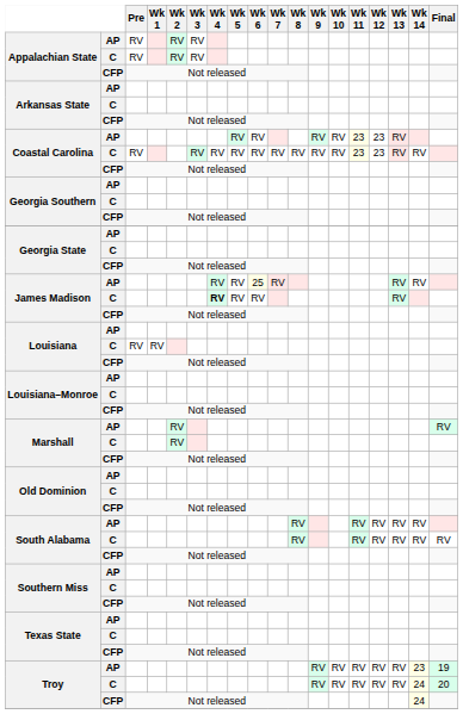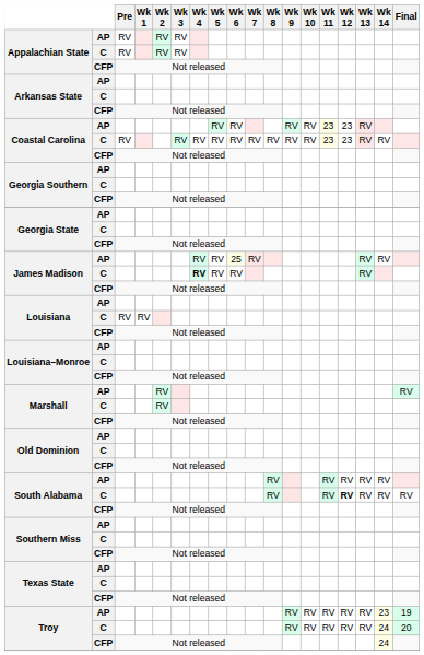 <table class="wikitable" style="white-space:nowrap;font-size:85%;">
 <tr>
 <th colspan=2 style="background:white; border-top-style:hidden; border-left-style:hidden;"> </th>
 <th>Pre</th>
 <th>Wk<br>1</th>
 <th>Wk<br>2</th>
 <th>Wk<br>3</th>
 <th>Wk<br>4</th>
 <th>Wk<br>5</th>
 <th>Wk<br>6</th>
 <th>Wk<br>7</th>
 <th>Wk<br>8</th>
 <th>Wk<br>9</th>
 <th>Wk<br>10</th>
 <th>Wk<br>11</th>
 <th>Wk<br>12</th>
 <th>Wk<br>13</th>
 <th>Wk<br>14</th>
 <th>Final</th>
 </tr>
 <tr style="text-align:center;">
 <th rowspan="3">Appalachian State</th>
 <th>AP</th>
 <td style="background:#FFF;">RV</td>
 <td style="background:#ffe6e6;"></td>
 <td style="background:#d8ffeb;">RV</td>
 <td style="background:#FFF;">RV</td>
 <td style="background:#ffe6e6;"></td>
 <td style="background:#FFF;"></td>
 <td style="background:#FFF;"></td>
 <td style="background:#FFF;"></td>
 <td style="background:#FFF;"></td>
 <td style="background:#FFF;"></td>
 <td style="background:#FFF;"></td>
 <td style="background:#FFF;"></td>
 <td style="background:#FFF;"></td>
 <td style="background:#FFF;"></td>
 <td style="background:#FFF;"></td>
 <td style="background:#FFF;"></td>
 </tr>
 <tr style="text-align:center;">
 <th>C</th>
 <td style="background:#FFF;">RV</td>
 <td style="background:#ffe6e6;"></td>
 <td style="background:#d8ffeb;">RV</td>
 <td style="background:#FFF;">RV</td>
 <td style="background:#ffe6e6;"></td>
 <td style="background:#FFF;"></td>
 <td style="background:#FFF;"></td>
 <td style="background:#FFF;"></td>
 <td style="background:#FFF;"></td>
 <td style="background:#FFF;"></td>
 <td style="background:#FFF;"></td>
 <td style="background:#FFF;"></td>
 <td style="background:#FFF;"></td>
 <td style="background:#FFF;"></td>
 <td style="background:#FFF;"></td>
 <td style="background:#FFF;"></td>
 </tr>
 <tr style="text-align:center;">
 <th>CFP</th>
 <td colspan="9" style="text-align:center;">Not released</td>
 <td style="background:#FFF;"></td>
 <td style="background:#FFF;"></td>
 <td style="background:#FFF;"></td>
 <td style="background:#FFF;"></td>
 <td style="background:#FFF;"></td>
 <td style="background:#FFF;"></td>
 <td style="text-align:center;"></td>
 </tr>
 <tr style="text-align:center;">
 <th rowspan="3">Arkansas State</th>
 <th>AP</th>
 <td style="background:#FFF;"></td>
 <td style="background:#FFF;"></td>
 <td style="background:#FFF;"></td>
 <td style="background:#FFF;"></td>
 <td style="background:#FFF;"></td>
 <td style="background:#FFF;"></td>
 <td style="background:#FFF;"></td>
 <td style="background:#FFF;"></td>
 <td style="background:#FFF;"></td>
 <td style="background:#FFF;"></td>
 <td style="background:#FFF;"></td>
 <td style="background:#FFF;"></td>
 <td style="background:#FFF;"></td>
 <td style="background:#FFF;"></td>
 <td style="background:#FFF;"></td>
 <td style="background:#FFF;"></td>
 </tr>
 <tr style="text-align:center;">
 <th>C</th>
 <td style="background:#FFF;"></td>
 <td style="background:#FFF;"></td>
 <td style="background:#FFF;"></td>
 <td style="background:#FFF;"></td>
 <td style="background:#FFF;"></td>
 <td style="background:#FFF;"></td>
 <td style="background:#FFF;"></td>
 <td style="background:#FFF;"></td>
 <td style="background:#FFF;"></td>
 <td style="background:#FFF;"></td>
 <td style="background:#FFF;"></td>
 <td style="background:#FFF;"></td>
 <td style="background:#FFF;"></td>
 <td style="background:#FFF;"></td>
 <td style="background:#FFF;"></td>
 <td style="background:#FFF;"></td>
 </tr>
 <tr style="text-align:center;">
 <th>CFP</th>
 <td colspan="9" style="text-align:center;">Not released</td>
 <td style="background:#FFF;"></td>
 <td style="background:#FFF;"></td>
 <td style="background:#FFF;"></td>
 <td style="background:#FFF;"></td>
 <td style="background:#FFF;"></td>
 <td style="background:#FFF;"></td>
 <td style="text-align:center;"></td>
 </tr>
 <tr style="text-align:center;">
 <th rowspan="3">Coastal Carolina</th>
 <th>AP</th>
 <td style="background:#FFF;"></td>
 <td style="background:#FFF;"></td>
 <td style="background:#FFF;"></td>
 <td style="background:#FFF;"></td>
 <td style="background:#FFF;"></td>
 <td style="background:#d8ffeb;">RV</td>
 <td style="background:#FFF;">RV</td>
 <td style="background:#ffe6e6;"></td>
 <td style="background:#FFF;"></td>
 <td style="background:#d8ffeb;">RV</td>
 <td style="background:#FFF;">RV</td>
 <td style="background:#ffffe6;">23</td>
 <td style="background:#FFF;">23</td>
 <td style="background:#ffe6e6;">RV</td>
 <td style="background:#ffe6e6;"></td>
 <td style="background:#FFF;"></td>
 </tr>
 <tr style="text-align:center;">
 <th>C</th>
 <td style="background:#FFF;">RV</td>
 <td style="background:#ffe6e6;"></td>
 <td style="background:#FFF;"></td>
 <td style="background:#d8ffeb;">RV</td>
 <td style="background:#FFF;">RV</td>
 <td style="background:#FFF;">RV</td>
 <td style="background:#FFF;">RV</td>
 <td style="background:#FFF;">RV</td>
 <td style="background:#FFF;">RV</td>
 <td style="background:#FFF;">RV</td>
 <td style="background:#FFF;">RV</td>
 <td style="background:#ffffe6;">23</td>
 <td style="background:#FFF;">23</td>
 <td style="background:#ffe6e6;">RV</td>
 <td style="background:#FFF;">RV</td>
 <td style="background:#ffe6e6;"></td>
 </tr>
 <tr style="text-align:center;">
 <th>CFP</th>
 <td colspan="9" style="text-align:center;">Not released</td>
 <td style="background:#FFF;"></td>
 <td style="background:#FFF;"></td>
 <td style="background:#FFF;"></td>
 <td style="background:#FFF;"></td>
 <td style="background:#FFF;"></td>
 <td style="background:#FFF;"></td>
 <td style="text-align:center;"></td>
 </tr>
 <tr style="text-align:center;">
 <th rowspan="3">Georgia Southern</th>
 <th>AP</th>
 <td style="background:#FFF;"></td>
 <td style="background:#FFF;"></td>
 <td style="background:#FFF;"></td>
 <td style="background:#FFF;"></td>
 <td style="background:#FFF;"></td>
 <td style="background:#FFF;"></td>
 <td style="background:#FFF;"></td>
 <td style="background:#FFF;"></td>
 <td style="background:#FFF;"></td>
 <td style="background:#FFF;"></td>
 <td style="background:#FFF;"></td>
 <td style="background:#FFF;"></td>
 <td style="background:#FFF;"></td>
 <td style="background:#FFF;"></td>
 <td style="background:#FFF;"></td>
 <td style="background:#FFF;"></td>
 </tr>
 <tr style="text-align:center;">
 <th>C</th>
 <td style="background:#FFF;"></td>
 <td style="background:#FFF;"></td>
 <td style="background:#FFF;"></td>
 <td style="background:#FFF;"></td>
 <td style="background:#FFF;"></td>
 <td style="background:#FFF;"></td>
 <td style="background:#FFF;"></td>
 <td style="background:#FFF;"></td>
 <td style="background:#FFF;"></td>
 <td style="background:#FFF;"></td>
 <td style="background:#FFF;"></td>
 <td style="background:#FFF;"></td>
 <td style="background:#FFF;"></td>
 <td style="background:#FFF;"></td>
 <td style="background:#FFF;"></td>
 <td style="background:#FFF;"></td>
 </tr>
 <tr style="text-align:center;">
 <th>CFP</th>
 <td colspan="9" style="text-align:center;">Not released</td>
 <td style="background:#FFF;"></td>
 <td style="background:#FFF;"></td>
 <td style="background:#FFF;"></td>
 <td style="background:#FFF;"></td>
 <td style="background:#FFF;"></td>
 <td style="background:#FFF;"></td>
 <td style="text-align:center;"></td>
 </tr>
 <tr style="text-align:center;">
 </tr>
 <tr style="text-align:center;">
 <th rowspan="3">Georgia State</th>
 <th>AP</th>
 <td style="background:#FFF;"></td>
 <td style="background:#FFF;"></td>
 <td style="background:#FFF;"></td>
 <td style="background:#FFF;"></td>
 <td style="background:#FFF;"></td>
 <td style="background:#FFF;"></td>
 <td style="background:#FFF;"></td>
 <td style="background:#FFF;"></td>
 <td style="background:#FFF;"></td>
 <td style="background:#FFF;"></td>
 <td style="background:#FFF;"></td>
 <td style="background:#FFF;"></td>
 <td style="background:#FFF;"></td>
 <td style="background:#FFF;"></td>
 <td style="background:#FFF;"></td>
 <td style="background:#FFF;"></td>
 </tr>
 <tr style="text-align:center;">
 <th>C</th>
 <td style="background:#FFF;"></td>
 <td style="background:#FFF;"></td>
 <td style="background:#FFF;"></td>
 <td style="background:#FFF;"></td>
 <td style="background:#FFF;"></td>
 <td style="background:#FFF;"></td>
 <td style="background:#FFF;"></td>
 <td style="background:#FFF;"></td>
 <td style="background:#FFF;"></td>
 <td style="background:#FFF;"></td>
 <td style="background:#FFF;"></td>
 <td style="background:#FFF;"></td>
 <td style="background:#FFF;"></td>
 <td style="background:#FFF;"></td>
 <td style="background:#FFF;"></td>
 <td style="background:#FFF;"></td>
 </tr>
 <tr style="text-align:center;">
 <th>CFP</th>
 <td colspan="9" style="text-align:center;">Not released</td>
 <td style="background:#FFF;"></td>
 <td style="background:#FFF;"></td>
 <td style="background:#FFF;"></td>
 <td style="background:#FFF;"></td>
 <td style="background:#FFF;"></td>
 <td style="background:#FFF;"></td>
 <td style="text-align:center;"></td>
 </tr>
 <tr style="text-align:center;">
 <th rowspan="3">James Madison</th>
 <th>AP</th>
 <td style="background:#FFF;"></td>
 <td style="background:#FFF;"></td>
 <td style="background:#FFF;"></td>
 <td style="background:#FFF;"></td>
 <td style="background:#d8ffeb;">RV</td>
 <td style="background:#FFF;">RV</td>
 <td style="background:#ffffe6;">25</td>
 <td style="background:#ffe6e6;">RV</td>
 <td style="background:#ffe6e6;"></td>
 <td style="background:#FFF;"></td>
 <td style="background:#FFF;"></td>
 <td style="background:#FFF;"></td>
 <td style="background:#FFF;"></td>
 <td style="background:#d8ffeb;">RV</td>
 <td style="background:#FFF;">RV</td>
 <td style="background:#ffe6e6;"></td>
 </tr>
 <tr style="text-align:center;">
 <th>C</th>
 <td style="background:#FFF;"></td>
 <td style="background:#FFF;"></td>
 <td style="background:#FFF;"></td>
 <td style="background:#FFF;"></td>
 <td style="background:#d8ffeb;"><strong>RV</strong></td>
 <td style="background:#FFF;">RV</td>
 <td style="background:#FFF;">RV</td>
 <td style="background:#ffe6e6;"></td>
 <td style="background:#FFF;"></td>
 <td style="background:#FFF;"></td>
 <td style="background:#FFF;"></td>
 <td style="background:#FFF;"></td>
 <td style="background:#FFF;"></td>
 <td style="background:#d8ffeb;">RV</td>
 <td style="background:#ffe6e6;"></td>
 <td style="background:#FFF;"></td>
 </tr>
 <tr style="text-align:center;">
 <th>CFP</th>
 <td colspan="9" style="text-align:center;">Not released</td>
 <td style="background:#FFF;"></td>
 <td style="background:#FFF;"></td>
 <td style="background:#FFF;"></td>
 <td style="background:#FFF;"></td>
 <td style="background:#FFF;"></td>
 <td style="background:#FFF;"></td>
 <td style="text-align:center;"></td>
 </tr>
 <tr style="text-align:center;">
 <th rowspan="3">Louisiana</th>
 <th>AP</th>
 <td style="background:#FFF;"></td>
 <td style="background:#FFF;"></td>
 <td style="background:#FFF;"></td>
 <td style="background:#FFF;"></td>
 <td style="background:#FFF;"></td>
 <td style="background:#FFF;"></td>
 <td style="background:#FFF;"></td>
 <td style="background:#FFF;"></td>
 <td style="background:#FFF;"></td>
 <td style="background:#FFF;"></td>
 <td style="background:#FFF;"></td>
 <td style="background:#FFF;"></td>
 <td style="background:#FFF;"></td>
 <td style="background:#FFF;"></td>
 <td style="background:#FFF;"></td>
 <td style="background:#FFF;"></td>
 </tr>
 <tr style="text-align:center;">
 <th>C</th>
 <td style="background:#FFF;">RV</td>
 <td style="background:#FFF;">RV</td>
 <td style="background:#ffe6e6;"></td>
 <td style="background:#FFF;"></td>
 <td style="background:#FFF;"></td>
 <td style="background:#FFF;"></td>
 <td style="background:#FFF;"></td>
 <td style="background:#FFF;"></td>
 <td style="background:#FFF;"></td>
 <td style="background:#FFF;"></td>
 <td style="background:#FFF;"></td>
 <td style="background:#FFF;"></td>
 <td style="background:#FFF;"></td>
 <td style="background:#FFF;"></td>
 <td style="background:#FFF;"></td>
 <td style="background:#FFF;"></td>
 </tr>
 <tr style="text-align:center;">
 <th>CFP</th>
 <td colspan="9" style="text-align:center;">Not released</td>
 <td style="background:#FFF;"></td>
 <td style="background:#FFF;"></td>
 <td style="background:#FFF;"></td>
 <td style="background:#FFF;"></td>
 <td style="background:#FFF;"></td>
 <td style="background:#FFF;"></td>
 <td style="text-align:center;"></td>
 </tr>
 <tr style="text-align:center;">
 <th rowspan="3">Louisiana–Monroe</th>
 <th>AP</th>
 <td style="background:#FFF;"></td>
 <td style="background:#FFF;"></td>
 <td style="background:#FFF;"></td>
 <td style="background:#FFF;"></td>
 <td style="background:#FFF;"></td>
 <td style="background:#FFF;"></td>
 <td style="background:#FFF;"></td>
 <td style="background:#FFF;"></td>
 <td style="background:#FFF;"></td>
 <td style="background:#FFF;"></td>
 <td style="background:#FFF;"></td>
 <td style="background:#FFF;"></td>
 <td style="background:#FFF;"></td>
 <td style="background:#FFF;"></td>
 <td style="background:#FFF;"></td>
 <td style="background:#FFF;"></td>
 </tr>
 <tr style="text-align:center;">
 <th>C</th>
 <td style="background:#FFF;"></td>
 <td style="background:#FFF;"></td>
 <td style="background:#FFF;"></td>
 <td style="background:#FFF;"></td>
 <td style="background:#FFF;"></td>
 <td style="background:#FFF;"></td>
 <td style="background:#FFF;"></td>
 <td style="background:#FFF;"></td>
 <td style="background:#FFF;"></td>
 <td style="background:#FFF;"></td>
 <td style="background:#FFF;"></td>
 <td style="background:#FFF;"></td>
 <td style="background:#FFF;"></td>
 <td style="background:#FFF;"></td>
 <td style="background:#FFF;"></td>
 <td style="background:#FFF;"></td>
 </tr>
 <tr style="text-align:center;">
 <th>CFP</th>
 <td colspan="9" style="text-align:center;">Not released</td>
 <td style="background:#FFF;"></td>
 <td style="background:#FFF;"></td>
 <td style="background:#FFF;"></td>
 <td style="background:#FFF;"></td>
 <td style="background:#FFF;"></td>
 <td style="background:#FFF;"></td>
 <td style="text-align:center;"></td>
 </tr>
 <tr style="text-align:center;">
 <th rowspan="3">Marshall</th>
 <th>AP</th>
 <td style="background:#FFF;"></td>
 <td style="background:#FFF;"></td>
 <td style="background:#d8ffeb;">RV</td>
 <td style="background:#ffe6e6;"></td>
 <td style="background:#FFF;"></td>
 <td style="background:#FFF;"></td>
 <td style="background:#FFF;"></td>
 <td style="background:#FFF;"></td>
 <td style="background:#FFF;"></td>
 <td style="background:#FFF;"></td>
 <td style="background:#FFF;"></td>
 <td style="background:#FFF;"></td>
 <td style="background:#FFF;"></td>
 <td style="background:#FFF;"></td>
 <td style="background:#FFF;"></td>
 <td style="background:#d8ffeb;">RV</td>
 </tr>
 <tr style="text-align:center;">
 <th>C</th>
 <td style="background:#FFF;"></td>
 <td style="background:#FFF;"></td>
 <td style="background:#d8ffeb;">RV</td>
 <td style="background:#ffe6e6;"></td>
 <td style="background:#FFF;"></td>
 <td style="background:#FFF;"></td>
 <td style="background:#FFF;"></td>
 <td style="background:#FFF;"></td>
 <td style="background:#FFF;"></td>
 <td style="background:#FFF;"></td>
 <td style="background:#FFF;"></td>
 <td style="background:#FFF;"></td>
 <td style="background:#FFF;"></td>
 <td style="background:#FFF;"></td>
 <td style="background:#FFF;"></td>
 <td style="background:#FFF;"></td>
 </tr>
 <tr style="text-align:center;">
 <th>CFP</th>
 <td colspan="9" style="text-align:center;">Not released</td>
 <td style="background:#FFF;"></td>
 <td style="background:#FFF;"></td>
 <td style="background:#FFF;"></td>
 <td style="background:#FFF;"></td>
 <td style="background:#FFF;"></td>
 <td style="background:#FFF;"></td>
 <td style="text-align:center;"></td>
 </tr>
 <tr style="text-align:center;">
 <th rowspan="3">Old Dominion</th>
 <th>AP</th>
 <td style="background:#FFF;"></td>
 <td style="background:#FFF;"></td>
 <td style="background:#FFF;"></td>
 <td style="background:#FFF;"></td>
 <td style="background:#FFF;"></td>
 <td style="background:#FFF;"></td>
 <td style="background:#FFF;"></td>
 <td style="background:#FFF;"></td>
 <td style="background:#FFF;"></td>
 <td style="background:#FFF;"></td>
 <td style="background:#FFF;"></td>
 <td style="background:#FFF;"></td>
 <td style="background:#FFF;"></td>
 <td style="background:#FFF;"></td>
 <td style="background:#FFF;"></td>
 <td style="background:#FFF;"></td>
 </tr>
 <tr style="text-align:center;">
 <th>C</th>
 <td style="background:#FFF;"></td>
 <td style="background:#FFF;"></td>
 <td style="background:#FFF;"></td>
 <td style="background:#FFF;"></td>
 <td style="background:#FFF;"></td>
 <td style="background:#FFF;"></td>
 <td style="background:#FFF;"></td>
 <td style="background:#FFF;"></td>
 <td style="background:#FFF;"></td>
 <td style="background:#FFF;"></td>
 <td style="background:#FFF;"></td>
 <td style="background:#FFF;"></td>
 <td style="background:#FFF;"></td>
 <td style="background:#FFF;"></td>
 <td style="background:#FFF;"></td>
 <td style="background:#FFF;"></td>
 </tr>
 <tr style="text-align:center;">
 <th>CFP</th>
 <td colspan="9" style="text-align:center;">Not released</td>
 <td style="background:#FFF;"></td>
 <td style="background:#FFF;"></td>
 <td style="background:#FFF;"></td>
 <td style="background:#FFF;"></td>
 <td style="background:#FFF;"></td>
 <td style="background:#FFF;"></td>
 <td style="text-align:center;"></td>
 </tr>
 <tr style="text-align:center;">
 <th rowspan="3">South Alabama</th>
 <th>AP</th>
 <td style="background:#FFF;"></td>
 <td style="background:#FFF;"></td>
 <td style="background:#FFF;"></td>
 <td style="background:#FFF;"></td>
 <td style="background:#FFF;"></td>
 <td style="background:#FFF;"></td>
 <td style="background:#FFF;"></td>
 <td style="background:#FFF;"></td>
 <td style="background:#d8ffeb;">RV</td>
 <td style="background:#ffe6e6;"></td>
 <td style="background:#FFF;"></td>
 <td style="background:#d8ffeb;">RV</td>
 <td style="background:#FFF;">RV</td>
 <td style="background:#FFF;">RV</td>
 <td style="background:#FFF;">RV</td>
 <td style="background:#ffe6e6;"></td>
 </tr>
 <tr style="text-align:center;">
 <th>C</th>
 <td style="background:#FFF;"></td>
 <td style="background:#FFF;"></td>
 <td style="background:#FFF;"></td>
 <td style="background:#FFF;"></td>
 <td style="background:#FFF;"></td>
 <td style="background:#FFF;"></td>
 <td style="background:#FFF;"></td>
 <td style="background:#FFF;"></td>
 <td style="background:#d8ffeb;">RV</td>
 <td style="background:#ffe6e6;"></td>
 <td style="background:#FFF;"></td>
 <td style="background:#d8ffeb;">RV</td>
-<td style="background:#FFF;">RV</td>
+<td style="background:#FFF;"><strong>RV</strong></td>
 <td style="background:#FFF;">RV</td>
 <td style="background:#FFF;">RV</td>
 <td style="background:#FFF;">RV</td>
 </tr>
 <tr style="text-align:center;">
 <th>CFP</th>
 <td colspan="9" style="text-align:center;">Not released</td>
 <td style="background:#FFF;"></td>
 <td style="background:#FFF;"></td>
 <td style="background:#FFF;"></td>
 <td style="background:#FFF;"></td>
 <td style="background:#FFF;"></td>
 <td style="background:#FFF;"></td>
 <td style="text-align:center;"></td>
 </tr>
 <tr style="text-align:center;">
 <th rowspan="3">Southern Miss</th>
 <th>AP</th>
 <td style="background:#FFF;"></td>
 <td style="background:#FFF;"></td>
 <td style="background:#FFF;"></td>
 <td style="background:#FFF;"></td>
 <td style="background:#FFF;"></td>
 <td style="background:#FFF;"></td>
 <td style="background:#FFF;"></td>
 <td style="background:#FFF;"></td>
 <td style="background:#FFF;"></td>
 <td style="background:#FFF;"></td>
 <td style="background:#FFF;"></td>
 <td style="background:#FFF;"></td>
 <td style="background:#FFF;"></td>
 <td style="background:#FFF;"></td>
 <td style="background:#FFF;"></td>
 <td style="background:#FFF;"></td>
 </tr>
 <tr style="text-align:center;">
 <th>C</th>
 <td style="background:#FFF;"></td>
 <td style="background:#FFF;"></td>
 <td style="background:#FFF;"></td>
 <td style="background:#FFF;"></td>
 <td style="background:#FFF;"></td>
 <td style="background:#FFF;"></td>
 <td style="background:#FFF;"></td>
 <td style="background:#FFF;"></td>
 <td style="background:#FFF;"></td>
 <td style="background:#FFF;"></td>
 <td style="background:#FFF;"></td>
 <td style="background:#FFF;"></td>
 <td style="background:#FFF;"></td>
 <td style="background:#FFF;"></td>
 <td style="background:#FFF;"></td>
 <td style="background:#FFF;"></td>
 </tr>
 <tr style="text-align:center;">
 <th>CFP</th>
 <td colspan="9" style="text-align:center;">Not released</td>
 <td style="background:#FFF;"></td>
 <td style="background:#FFF;"></td>
 <td style="background:#FFF;"></td>
 <td style="background:#FFF;"></td>
 <td style="background:#FFF;"></td>
 <td style="background:#FFF;"></td>
 <td style="text-align:center;"></td>
 </tr>
 <tr style="text-align:center;">
 <th rowspan="3">Texas State</th>
 <th>AP</th>
 <td style="background:#FFF;"></td>
 <td style="background:#FFF;"></td>
 <td style="background:#FFF;"></td>
 <td style="background:#FFF;"></td>
 <td style="background:#FFF;"></td>
 <td style="background:#FFF;"></td>
 <td style="background:#FFF;"></td>
 <td style="background:#FFF;"></td>
 <td style="background:#FFF;"></td>
 <td style="background:#FFF;"></td>
 <td style="background:#FFF;"></td>
 <td style="background:#FFF;"></td>
 <td style="background:#FFF;"></td>
 <td style="background:#FFF;"></td>
 <td style="background:#FFF;"></td>
 <td style="background:#FFF;"></td>
 </tr>
 <tr style="text-align:center;">
 <th>C</th>
 <td style="background:#FFF;"></td>
 <td style="background:#FFF;"></td>
 <td style="background:#FFF;"></td>
 <td style="background:#FFF;"></td>
 <td style="background:#FFF;"></td>
 <td style="background:#FFF;"></td>
 <td style="background:#FFF;"></td>
 <td style="background:#FFF;"></td>
 <td style="background:#FFF;"></td>
 <td style="background:#FFF;"></td>
 <td style="background:#FFF;"></td>
 <td style="background:#FFF;"></td>
 <td style="background:#FFF;"></td>
 <td style="background:#FFF;"></td>
 <td style="background:#FFF;"></td>
 <td style="background:#FFF;"></td>
 </tr>
 <tr style="text-align:center;">
 <th>CFP</th>
 <td colspan="9" style="text-align:center;">Not released</td>
 <td style="background:#FFF;"></td>
 <td style="background:#FFF;"></td>
 <td style="background:#FFF;"></td>
 <td style="background:#FFF;"></td>
 <td style="background:#FFF;"></td>
 <td style="background:#FFF;"></td>
 <td style="text-align:center;"></td>
 </tr>
 <tr style="text-align:center;">
 <th rowspan="3">Troy</th>
 <th>AP</th>
 <td style="background:#FFF;"></td>
 <td style="background:#FFF;"></td>
 <td style="background:#FFF;"></td>
 <td style="background:#FFF;"></td>
 <td style="background:#FFF;"></td>
 <td style="background:#FFF;"></td>
 <td style="background:#FFF;"></td>
 <td style="background:#FFF;"></td>
 <td style="background:#FFF;"></td>
 <td style="background:#d8ffeb;">RV</td>
 <td style="background:#FFF;">RV</td>
 <td style="background:#FFF;">RV</td>
 <td style="background:#FFF;">RV</td>
 <td style="background:#FFF;">RV</td>
 <td style="background:#ffffe6;">23</td>
 <td style="background:#d8ffeb;">19</td>
 </tr>
 <tr style="text-align:center;">
 <th>C</th>
 <td style="background:#FFF;"></td>
 <td style="background:#FFF;"></td>
 <td style="background:#FFF;"></td>
 <td style="background:#FFF;"></td>
 <td style="background:#FFF;"></td>
 <td style="background:#FFF;"></td>
 <td style="background:#FFF;"></td>
 <td style="background:#FFF;"></td>
 <td style="background:#FFF;"></td>
 <td style="background:#d8ffeb;">RV</td>
 <td style="background:#FFF;">RV</td>
 <td style="background:#FFF;">RV</td>
 <td style="background:#FFF;">RV</td>
 <td style="background:#FFF;">RV</td>
 <td style="background:#ffffe6;">24</td>
 <td style="background:#d8ffeb;">20</td>
 </tr>
 <tr style="text-align:center;">
 <th>CFP</th>
 <td colspan="9" style="text-align:center;">Not released</td>
 <td style="background:#FFF;"></td>
 <td style="background:#FFF;"></td>
 <td style="background:#FFF;"></td>
 <td style="background:#FFF;"></td>
 <td style="background:#FFF;"></td>
 <td style="background:#ffffe6;">24</td>
 <td style="text-align:center;"></td>
 </tr>
 <tr style="text-align:center;">
 </tr>
 </table>
